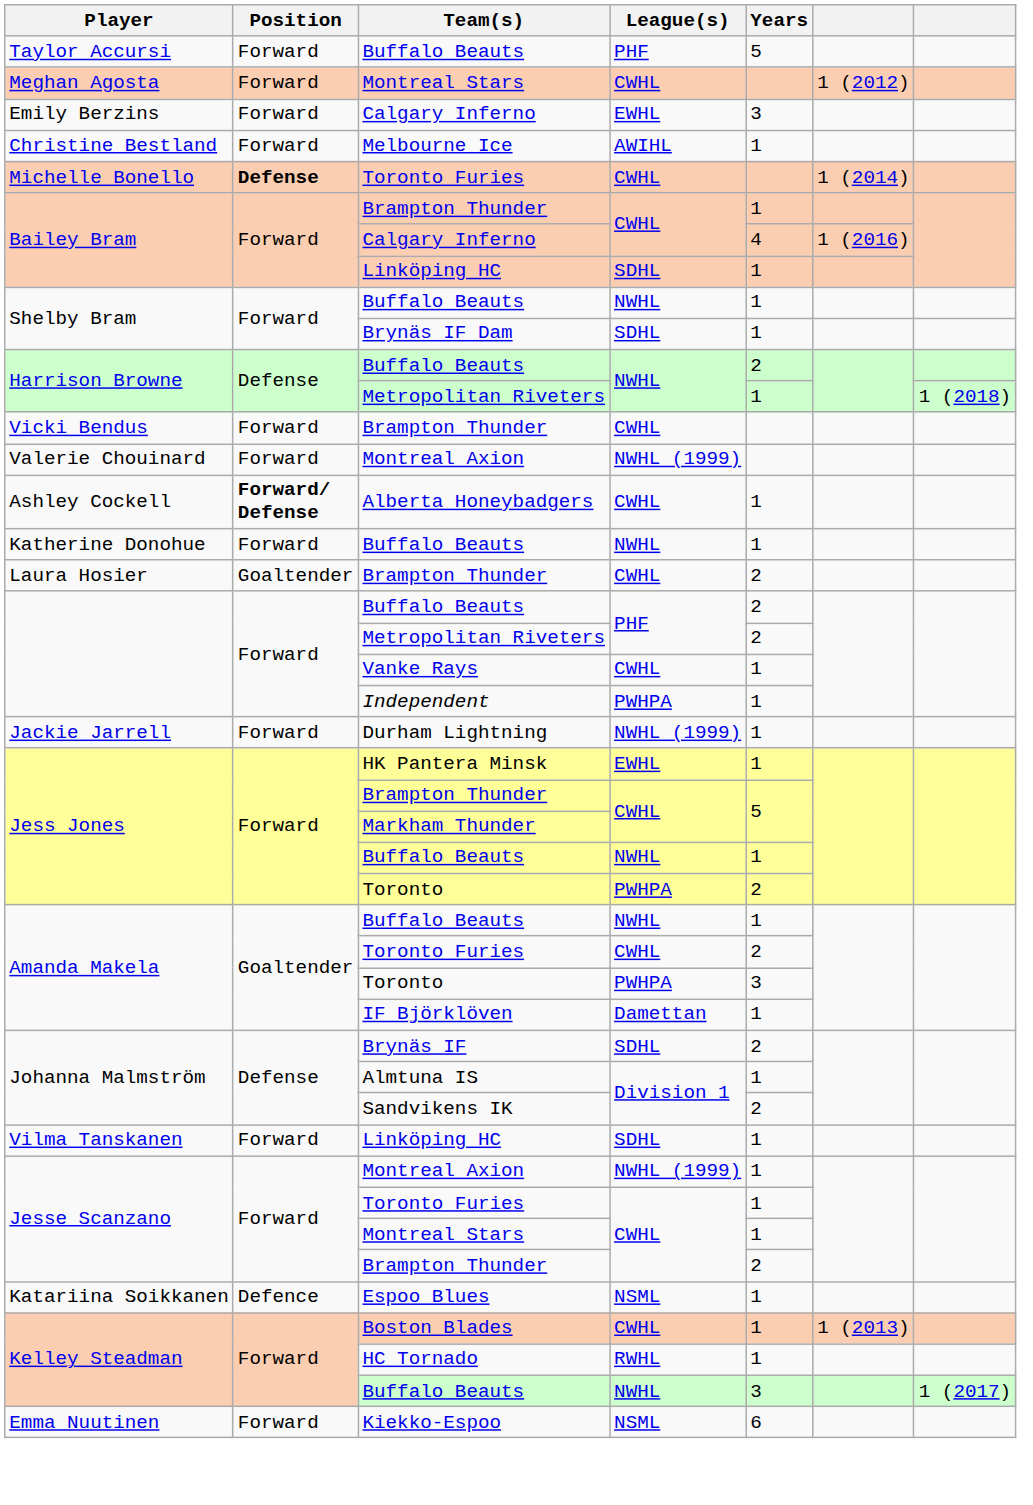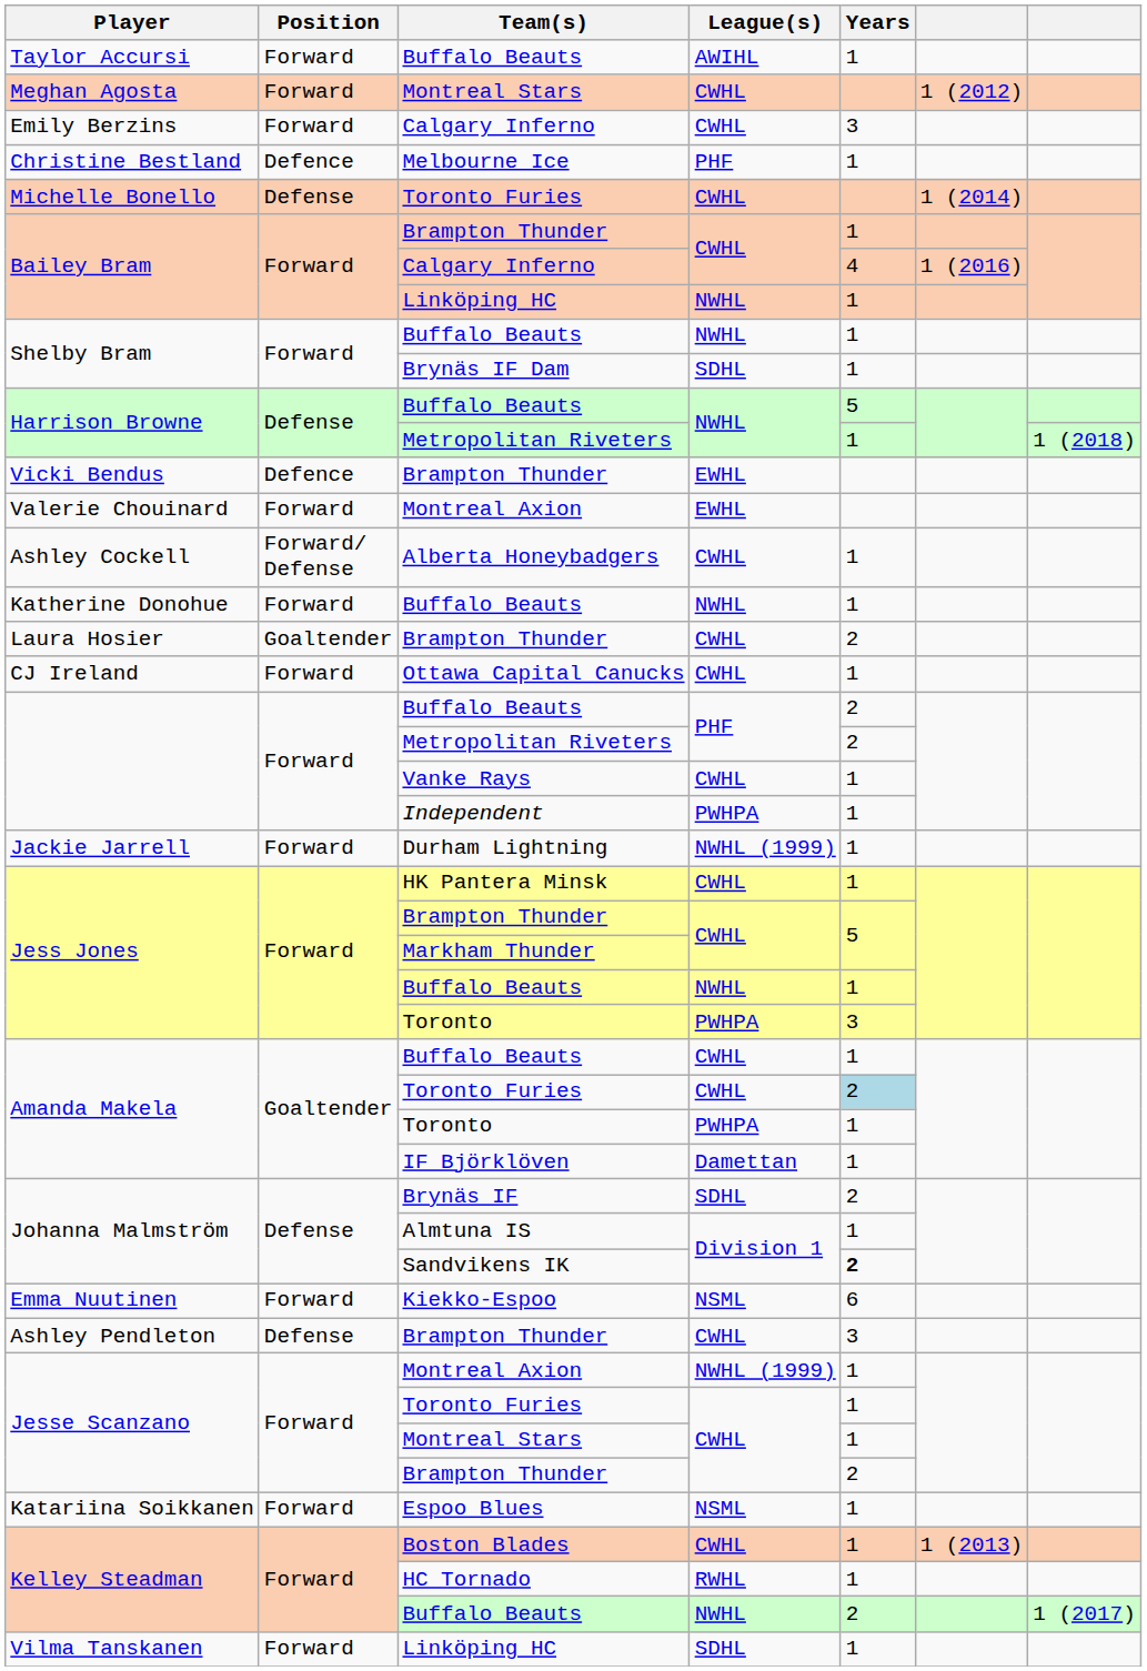 <table class="wikitable sortable">
 <tr>
 <th>Player</th>
 <th>Position</th>
 <th>Team(s)</th>
 <th>League(s)</th>
 <th>Years</th>
 <th><a href='#'></a></th>
 <th><a href='#'></a></th>
 </tr>
 <tr bgcolor=>
 <td><a href='#'>Taylor Accursi</a></td>
 <td>Forward</td>
 <td><a href='#'>Buffalo Beauts</a></td>
-<td><a href='#'>PHF</a></td>
-<td>5</td>
+<td><a href='#'>AWIHL</a></td>
+<td>1</td>
 <td></td>
 <td></td>
 </tr>
 <tr bgcolor=FBCEB1>
 <td><a href='#'>Meghan Agosta</a></td>
 <td>Forward</td>
 <td><a href='#'>Montreal Stars</a></td>
 <td><a href='#'>CWHL</a></td>
 <td></td>
 <td>1 (<a href='#'>2012</a>)</td>
 <td></td>
 </tr>
 <tr bgcolor=>
 <td>Emily Berzins</td>
 <td>Forward</td>
 <td><a href='#'>Calgary Inferno</a></td>
-<td><a href='#'>EWHL</a></td>
+<td><a href='#'>CWHL</a></td>
 <td>3</td>
 <td></td>
 <td></td>
 </tr>
 <tr bgcolor=>
 <td><a href='#'>Christine Bestland</a></td>
-<td>Forward</td>
+<td>Defence</td>
 <td><a href='#'>Melbourne Ice</a></td>
-<td><a href='#'>AWIHL</a></td>
+<td><a href='#'>PHF</a></td>
 <td>1</td>
 <td></td>
 <td></td>
 </tr>
 <tr bgcolor=FBCEB1>
 <td><a href='#'>Michelle Bonello</a></td>
-<td><strong>Defense</strong></td>
+<td>Defense</td>
 <td><a href='#'>Toronto Furies</a></td>
 <td><a href='#'>CWHL</a></td>
 <td></td>
 <td>1 (<a href='#'>2014</a>)</td>
 <td></td>
 </tr>
 <tr bgcolor=FBCEB1>
 <td rowspan="3"><a href='#'>Bailey Bram</a></td>
 <td rowspan="3">Forward</td>
 <td><a href='#'>Brampton Thunder</a></td>
 <td rowspan="2"><a href='#'>CWHL</a></td>
 <td>1</td>
 <td></td>
 <td rowspan="3"></td>
 </tr>
 <tr bgcolor="FBCEB1">
 <td><a href='#'>Calgary Inferno</a></td>
 <td>4</td>
 <td>1 (<a href='#'>2016</a>)</td>
 </tr>
 <tr bgcolor="FBCEB1">
 <td><a href='#'>Linköping HC</a></td>
-<td><a href='#'>SDHL</a></td>
+<td><a href='#'>NWHL</a></td>
 <td>1</td>
 <td></td>
 </tr>
 <tr bgcolor="">
 <td rowspan="2">Shelby Bram</td>
 <td rowspan="2">Forward</td>
 <td><a href='#'>Buffalo Beauts</a></td>
 <td><a href='#'>NWHL</a></td>
 <td>1</td>
 <td></td>
 <td></td>
 </tr>
 <tr>
 <td><a href='#'>Brynäs IF Dam</a></td>
 <td><a href='#'>SDHL</a></td>
 <td>1</td>
 <td></td>
 <td></td>
 </tr>
 <tr bgcolor="CCFFCC">
 <td rowspan="2"><a href='#'>Harrison Browne</a></td>
 <td rowspan="2">Defense</td>
 <td><a href='#'>Buffalo Beauts</a></td>
 <td rowspan="2"><a href='#'>NWHL</a></td>
-<td>2</td>
+<td>5</td>
 <td rowspan="2"></td>
 <td></td>
 </tr>
 <tr bgcolor="CCFFCC">
 <td><a href='#'>Metropolitan Riveters</a></td>
 <td>1</td>
 <td>1 (<a href='#'>2018</a>)</td>
 </tr>
 <tr bgcolor="">
 <td><a href='#'>Vicki Bendus</a></td>
-<td>Forward</td>
+<td>Defence</td>
 <td><a href='#'>Brampton Thunder</a></td>
-<td><a href='#'>CWHL</a></td>
+<td><a href='#'>EWHL</a></td>
 <td></td>
 <td></td>
 <td></td>
 </tr>
 <tr bgcolor="">
 <td>Valerie Chouinard</td>
 <td>Forward</td>
 <td><a href='#'>Montreal Axion</a></td>
-<td><a href='#'>NWHL (1999)</a></td>
+<td><a href='#'>EWHL</a></td>
 <td></td>
 <td></td>
 <td></td>
 </tr>
 <tr bgcolor="">
 <td>Ashley Cockell</td>
-<td><strong>Forward/<br>Defense</strong></td>
+<td>Forward/<br>Defense</td>
 <td><a href='#'>Alberta Honeybadgers</a></td>
 <td><a href='#'>CWHL</a></td>
 <td>1</td>
 <td></td>
 <td></td>
 </tr>
 <tr>
 <td>Katherine Donohue</td>
 <td>Forward</td>
 <td><a href='#'>Buffalo Beauts</a></td>
 <td><a href='#'>NWHL</a></td>
 <td>1</td>
 <td></td>
 <td></td>
 </tr>
 <tr bgcolor="">
 <td>Laura Hosier</td>
 <td>Goaltender</td>
 <td><a href='#'>Brampton Thunder</a></td>
 <td><a href='#'>CWHL</a></td>
 <td>2</td>
+<td></td>
+<td></td>
+</tr>
+<tr bgcolor=>
+<td>CJ Ireland</td>
+<td>Forward</td>
+<td><a href='#'>Ottawa Capital Canucks</a></td>
+<td><a href='#'>CWHL</a></td>
+<td>1</td>
 <td></td>
 <td></td>
 </tr>
 <tr>
 <td rowspan="4"></td>
 <td rowspan="4">Forward</td>
 <td><a href='#'>Buffalo Beauts</a></td>
 <td rowspan="2"><a href='#'>PHF</a></td>
 <td>2</td>
 <td rowspan="4"></td>
 <td rowspan="4"></td>
 </tr>
 <tr>
 <td><a href='#'>Metropolitan Riveters</a></td>
 <td>2</td>
 </tr>
 <tr>
 <td><a href='#'>Vanke Rays</a></td>
 <td><a href='#'>CWHL</a></td>
 <td>1</td>
 </tr>
 <tr>
 <td><em>Independent</em></td>
 <td><a href='#'>PWHPA</a></td>
 <td>1</td>
 </tr>
 <tr bgcolor=>
 <td><a href='#'>Jackie Jarrell</a></td>
 <td>Forward</td>
 <td>Durham Lightning</td>
 <td><a href='#'>NWHL (1999)</a></td>
 <td>1</td>
 <td></td>
 <td></td>
 </tr>
 <tr bgcolor=FFFF99>
 <td rowspan="5"><a href='#'>Jess Jones</a></td>
 <td rowspan="5">Forward</td>
 <td>HK Pantera Minsk</td>
-<td><a href='#'>EWHL</a></td>
+<td><a href='#'>CWHL</a></td>
 <td>1</td>
 <td rowspan="5"></td>
 <td rowspan="5"></td>
 </tr>
 <tr bgcolor=FFFF99>
 <td><a href='#'>Brampton Thunder</a></td>
 <td rowspan="2"><a href='#'>CWHL</a></td>
 <td rowspan="2">5</td>
 </tr>
 <tr bgcolor=FFFF99>
 <td><a href='#'>Markham Thunder</a></td>
 </tr>
 <tr bgcolor=FFFF99>
 <td><a href='#'>Buffalo Beauts</a></td>
 <td><a href='#'>NWHL</a></td>
 <td>1</td>
 </tr>
 <tr bgcolor=FFFF99>
 <td>Toronto</td>
 <td><a href='#'>PWHPA</a></td>
-<td>2</td>
+<td>3</td>
 </tr>
 <tr bgcolor="">
 <td rowspan="4"><a href='#'>Amanda Makela</a></td>
 <td rowspan="4">Goaltender</td>
 <td><a href='#'>Buffalo Beauts</a></td>
-<td><a href='#'>NWHL</a></td>
+<td><a href='#'>CWHL</a></td>
 <td>1</td>
 <td rowspan="4"></td>
 <td rowspan="4"></td>
 </tr>
 <tr>
 <td><a href='#'>Toronto Furies</a></td>
 <td><a href='#'>CWHL</a></td>
-<td>2</td>
+<td style="background: lightblue;">2</td>
 </tr>
 <tr>
 <td>Toronto</td>
 <td><a href='#'>PWHPA</a></td>
-<td>3</td>
+<td>1</td>
 </tr>
 <tr>
 <td><a href='#'>IF Björklöven</a></td>
 <td><a href='#'>Damettan</a></td>
 <td>1</td>
 </tr>
 <tr bgcolor="">
 <td rowspan="3">Johanna Malmström</td>
 <td rowspan="3">Defense</td>
 <td><a href='#'>Brynäs IF</a></td>
 <td><a href='#'>SDHL</a></td>
 <td>2</td>
 <td rowspan="3"></td>
 <td rowspan="3"></td>
 </tr>
 <tr>
 <td>Almtuna IS</td>
 <td rowspan="2"><a href='#'>Division 1</a></td>
 <td>1</td>
 </tr>
 <tr>
 <td>Sandvikens IK</td>
-<td>2</td>
+<td><strong>2</strong></td>
+</tr>
+<tr>
+<td><a href='#'>Emma Nuutinen</a></td>
+<td>Forward</td>
+<td><a href='#'>Kiekko-Espoo</a></td>
+<td><a href='#'>NSML</a></td>
+<td>6</td>
+<td></td>
+<td></td>
 </tr>
 <tr bgcolor="">
-<td><a href='#'>Vilma Tanskanen</a></td>
-<td>Forward</td>
-<td><a href='#'>Linköping HC</a></td>
-<td><a href='#'>SDHL</a></td>
-<td>1</td>
+<td>Ashley Pendleton</td>
+<td>Defense</td>
+<td><a href='#'>Brampton Thunder</a></td>
+<td><a href='#'>CWHL</a></td>
+<td>3</td>
 <td></td>
 <td></td>
 </tr>
 <tr bgcolor="">
 <td rowspan="4"><a href='#'>Jesse Scanzano</a></td>
 <td rowspan="4">Forward</td>
 <td><a href='#'>Montreal Axion</a></td>
 <td><a href='#'>NWHL (1999)</a></td>
 <td>1</td>
 <td rowspan="4"></td>
 <td rowspan="4"></td>
 </tr>
 <tr>
 <td><a href='#'>Toronto Furies</a></td>
 <td rowspan="3"><a href='#'>CWHL</a></td>
 <td>1</td>
 </tr>
 <tr>
 <td><a href='#'>Montreal Stars</a></td>
 <td>1</td>
 </tr>
 <tr>
 <td><a href='#'>Brampton Thunder</a></td>
 <td>2</td>
 </tr>
 <tr>
 <td>Katariina Soikkanen</td>
-<td>Defence</td>
+<td>Forward</td>
 <td><a href='#'>Espoo Blues</a></td>
 <td><a href='#'>NSML</a></td>
 <td>1</td>
 <td></td>
 <td></td>
 </tr>
 <tr bgcolor=FBCEB1>
 <td rowspan="3"><a href='#'>Kelley Steadman</a></td>
 <td rowspan="3">Forward</td>
 <td><a href='#'>Boston Blades</a></td>
 <td><a href='#'>CWHL</a></td>
 <td>1</td>
 <td>1 (<a href='#'>2013</a>)</td>
 <td></td>
 </tr>
 <tr>
 <td><a href='#'>HC Tornado</a></td>
 <td><a href='#'>RWHL</a></td>
 <td>1</td>
 <td></td>
 <td></td>
 </tr>
 <tr bgcolor="CCFFCC">
 <td><a href='#'>Buffalo Beauts</a></td>
 <td><a href='#'>NWHL</a></td>
-<td>3</td>
+<td>2</td>
 <td></td>
 <td>1 (<a href='#'>2017</a>)</td>
 </tr>
-<tr>
-<td><a href='#'>Emma Nuutinen</a></td>
+<tr bgcolor="">
+<td><a href='#'>Vilma Tanskanen</a></td>
 <td>Forward</td>
-<td><a href='#'>Kiekko-Espoo</a></td>
-<td><a href='#'>NSML</a></td>
-<td>6</td>
+<td><a href='#'>Linköping HC</a></td>
+<td><a href='#'>SDHL</a></td>
+<td>1</td>
 <td></td>
 <td></td>
 </tr>
 </table>
